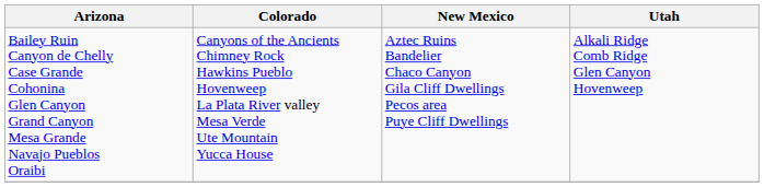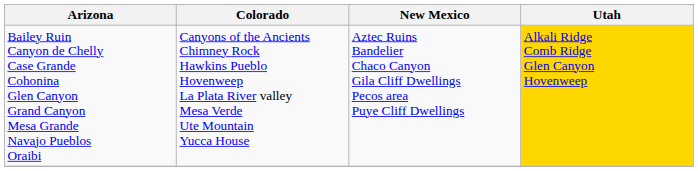 <table class="wikitable">
 <tr>
 <th scope="col"  width="200px">Arizona</th>
 <th scope="col"  width="200px">Colorado</th>
 <th scope="col"  width="200px">New Mexico</th>
 <th scope="col"  width="200px">Utah</th>
 </tr>
 <tr valign="top">
 <td><a href='#'>Bailey Ruin</a><br><a href='#'>Canyon de Chelly</a><br><a href='#'>Case Grande</a><br><a href='#'>Cohonina</a><br><a href='#'>Glen Canyon</a><br><a href='#'>Grand Canyon</a><br><a href='#'>Mesa Grande</a><br><a href='#'>Navajo Pueblos</a><br><a href='#'>Oraibi</a></td>
 <td><a href='#'>Canyons of the Ancients</a><br><a href='#'>Chimney Rock</a><br><a href='#'>Hawkins Pueblo</a><br><a href='#'>Hovenweep</a><br><a href='#'>La Plata River</a> valley<br><a href='#'>Mesa Verde</a><br><a href='#'>Ute Mountain</a><br><a href='#'>Yucca House</a></td>
 <td><a href='#'>Aztec Ruins</a><br><a href='#'>Bandelier</a><br><a href='#'>Chaco Canyon</a><br><a href='#'>Gila Cliff Dwellings</a> <br><a href='#'>Pecos area</a><br><a href='#'>Puye Cliff Dwellings</a></td>
-<td><a href='#'>Alkali Ridge</a><br><a href='#'>Comb Ridge</a><br><a href='#'>Glen Canyon</a><br><a href='#'>Hovenweep</a></td>
+<td style="background: gold;"><a href='#'>Alkali Ridge</a><br><a href='#'>Comb Ridge</a><br><a href='#'>Glen Canyon</a><br><a href='#'>Hovenweep</a></td>
 </tr>
 <tr>
 </tr>
 </table>
